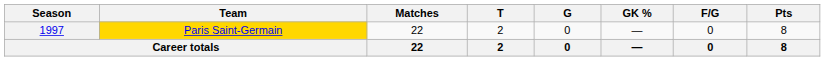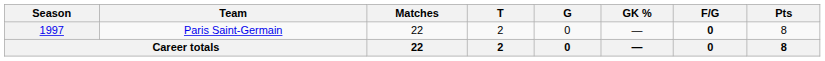 <table class="wikitable sortable"  style="font-size:90%; text-align:center; width:85%;">
 <tr>
 <th width=2%>Season</th>
 <th width=8%>Team</th>
 <th width=2%>Matches</th>
 <th width=2%>T</th>
 <th width=2%>G</th>
 <th width=2%>GK %</th>
 <th width=2%>F/G</th>
 <th width=2%>Pts</th>
 </tr>
 <tr>
 <th scope="row" style="text-align:center; font-weight:normal"><a href='#'>1997</a></th>
-<td style="background: gold; text-align:center;"> <a href='#'>Paris Saint-Germain</a></td>
+<td style="text-align:center;"> <a href='#'>Paris Saint-Germain</a></td>
 <td>22</td>
 <td>2</td>
 <td>0</td>
 <td>—</td>
-<td>0</td>
+<td><strong>0</strong></td>
 <td>8</td>
 </tr>
 <tr class="sortbottom">
 <th colspan=2>Career totals</th>
 <th>22</th>
 <th>2</th>
 <th>0</th>
 <th>—</th>
 <th>0</th>
 <th>8</th>
 </tr>
 </table>
